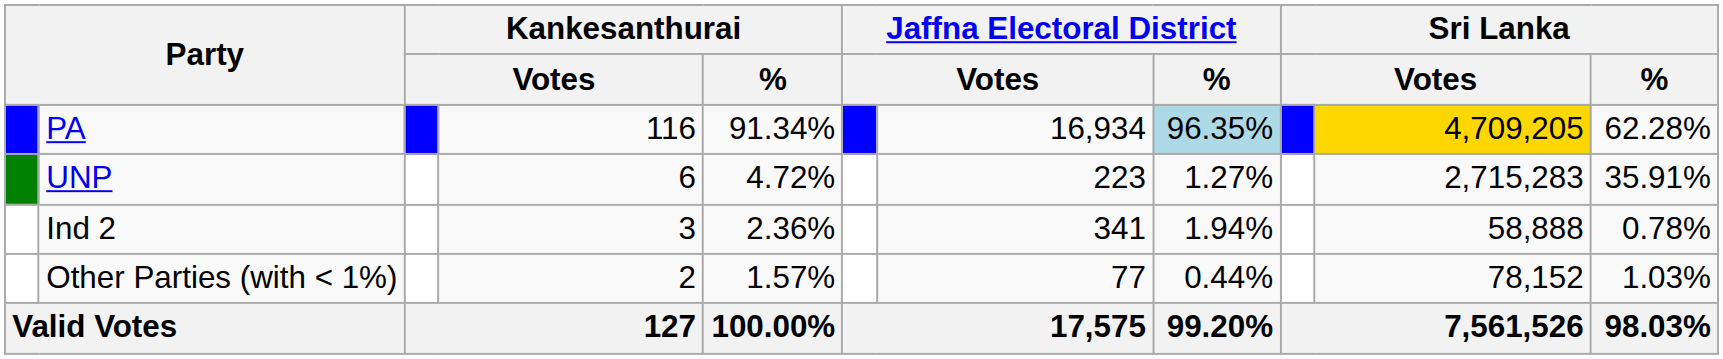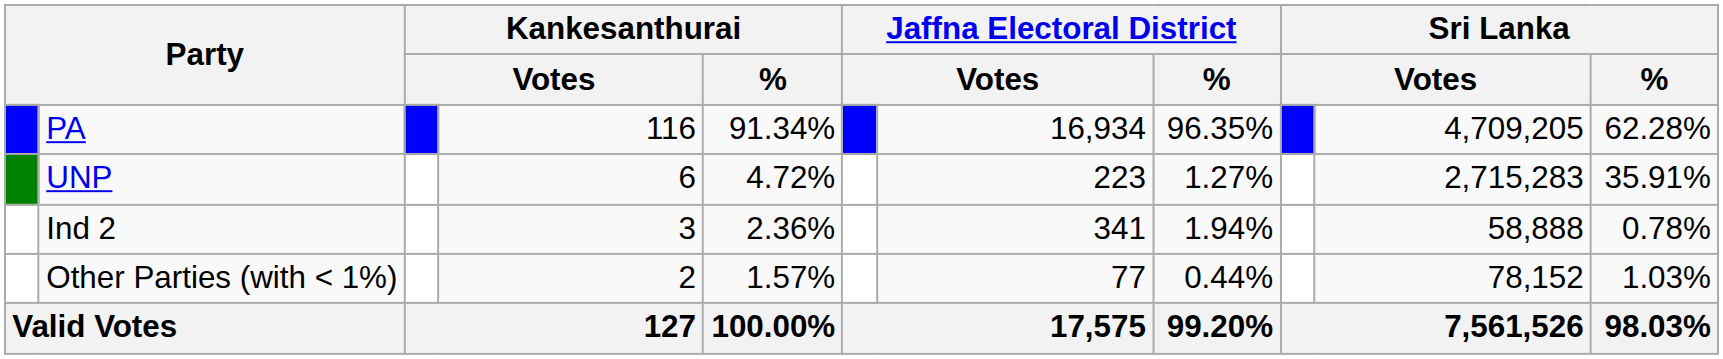 <table class="wikitable">
 <tr>
 <th colspan="2" width="144px"rowspan="2">Party</th>
 <th colspan="3" width="216px">Kankesanthurai</th>
 <th colspan="3" width="216px"><a href='#'>Jaffna Electoral District</a></th>
 <th colspan="3" width="216px">Sri Lanka</th>
 </tr>
 <tr>
 <th colspan="2" width="144px">Votes</th>
 <th>%</th>
 <th colspan="2" width="144px">Votes</th>
 <th>%</th>
 <th colspan="2" width="144px">Votes</th>
 <th>%</th>
 </tr>
 <tr>
 <td style="background-color:blue;" width="10px"></td>
 <td style="text-align:left;"><a href='#'>PA</a></td>
 <td style="background-color:blue;" width="10px"></td>
 <td style="text-align:right;">116</td>
 <td style="text-align:right;">91.34%</td>
 <td style="background-color:blue;" width="10px"></td>
 <td style="text-align:right;">16,934</td>
-<td style="background: lightblue; text-align:right;">96.35%</td>
+<td style="text-align:right;">96.35%</td>
 <td style="background-color:blue;" width="10px"></td>
-<td style="background: gold; text-align:right;">4,709,205</td>
+<td style="text-align:right;">4,709,205</td>
 <td style="text-align:right;">62.28%</td>
 </tr>
 <tr>
 <td style="background-color:green;" width="10px"></td>
 <td style="text-align:left;"><a href='#'>UNP</a></td>
 <td style="background-color:white;" width="10px"></td>
 <td style="text-align:right;">6</td>
 <td style="text-align:right;">4.72%</td>
 <td style="background-color:white;" width="10px"></td>
 <td style="text-align:right;">223</td>
 <td style="text-align:right;">1.27%</td>
 <td style="background-color:white;" width="10px"></td>
 <td style="text-align:right;">2,715,283</td>
 <td style="text-align:right;">35.91%</td>
 </tr>
 <tr>
 <td style="background-color:white;" width="10px"></td>
 <td style="text-align:left;">Ind 2</td>
 <td style="background-color:white;" width="10px"></td>
 <td style="text-align:right;">3</td>
 <td style="text-align:right;">2.36%</td>
 <td style="background-color:white;" width="10px"></td>
 <td style="text-align:right;">341</td>
 <td style="text-align:right;">1.94%</td>
 <td style="background-color:white;" width="10px"></td>
 <td style="text-align:right;">58,888</td>
 <td style="text-align:right;">0.78%</td>
 </tr>
 <tr>
 <td style="background-color:white;" width="10px"></td>
 <td style="text-align:left;">Other Parties (with < 1%)</td>
 <td style="background-color:white;" width="10px"></td>
 <td style="text-align:right;">2</td>
 <td style="text-align:right;">1.57%</td>
 <td style="background-color:white;" width="10px"></td>
 <td style="text-align:right;">77</td>
 <td style="text-align:right;">0.44%</td>
 <td style="background-color:white;" width="10px"></td>
 <td style="text-align:right;">78,152</td>
 <td style="text-align:right;">1.03%</td>
 </tr>
 <tr>
 <th colspan="2" width="144px"style="text-align:left;">Valid Votes</th>
 <th style="text-align:right;"colspan="2" width="144px">127</th>
 <th style="text-align:right;">100.00%</th>
 <th style="text-align:right;"colspan="2" width="144px">17,575</th>
 <th style="text-align:right;">99.20%</th>
 <th style="text-align:right;"colspan="2" width="144px">7,561,526</th>
 <th style="text-align:right;">98.03%</th>
 </tr>
 </table>
